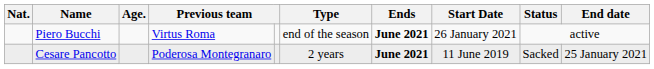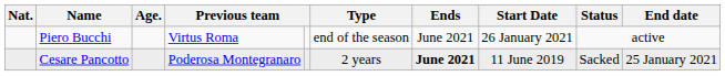 <table class="wikitable sortable">
 <tr>
 <th>Nat.</th>
 <th>Name</th>
 <th>Age.</th>
 <th colspan=2>Previous team</th>
 <th>Type</th>
 <th>Ends</th>
 <th>Start Date</th>
 <th>Status</th>
 <th>End date</th>
 </tr>
 <tr>
 <td style="text-align: center;"></td>
 <td><a href='#'>Piero Bucchi</a></td>
 <td style="text-align: center;"></td>
 <td><a href='#'>Virtus Roma</a></td>
 <td style="text-align: center;"></td>
 <td style="text-align: center;">end of the season</td>
-<td style="text-align: center;"><strong>June 2021</strong></td>
+<td style="text-align: center;">June 2021</td>
 <td style="text-align: center;">26 January 2021</td>
 <td style="text-align: center;" colspan=2>active</td>
 </tr>
 <tr>
 <td style="text-align: center; background-color: #ededed;"></td>
 <td style="background-color: #ededed;"><a href='#'>Cesare Pancotto</a></td>
 <td style="text-align: center; background-color: #ededed;"></td>
 <td style="background-color: #ededed;"><a href='#'>Poderosa Montegranaro</a></td>
 <td style="text-align: center; background-color: #ededed;"></td>
 <td style="text-align: center; background-color: #ededed;">2 years</td>
 <td style="text-align: center; background-color: #ededed;"><strong>June 2021</strong></td>
 <td style="text-align: center; background-color: #ededed;">11 June 2019</td>
 <td style="background-color: #ededed;">Sacked</td>
 <td style="text-align: center; background-color: #ededed;">25 January 2021</td>
 </tr>
 </table>
